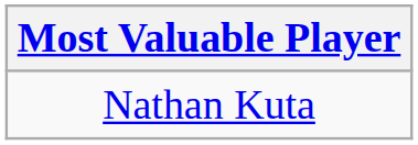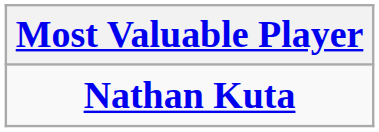 <table class=wikitable style="text-align:center; margin:auto">
 <tr>
 <th><a href='#'>Most Valuable Player</a></th>
 </tr>
 <tr>
-<td> <a href='#'>Nathan Kuta</a></td>
+<td><strong> <a href='#'>Nathan Kuta</a></strong></td>
 </tr>
 </table>
